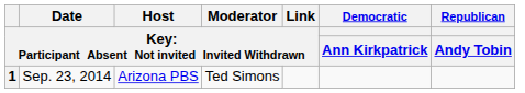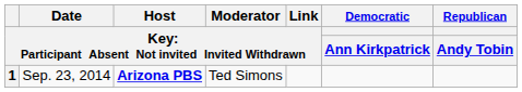 <table class="wikitable" style="text-align:center;">
 <tr>
 <th scope="col"></th>
 <th scope="col">Date</th>
 <th scope="col">Host</th>
 <th scope="col">Moderator</th>
 <th scope="col">Link</th>
 <th scope="col"><small><a href='#'>Democratic</a></small></th>
 <th scope="col"><small><a href='#'>Republican</a></small></th>
 </tr>
 <tr>
 <th colspan="5" rowspan="2">Key:<br> <small>Participant </small>  <small>Absent </small>  <small>Not invited </small>  <small>Invited  Withdrawn</small></th>
 <th scope="col" style="background:"></th>
 <th scope="col" style="background:"></th>
 </tr>
 <tr>
 <th scope="col"><a href='#'>Ann Kirkpatrick</a></th>
 <th scope="col"><a href='#'>Andy Tobin</a></th>
 </tr>
 <tr>
 <th>1</th>
 <td style="white-space:nowrap;">Sep. 23, 2014</td>
-<td style="white-space:nowrap;"><a href='#'>Arizona PBS</a></td>
+<td style="white-space:nowrap;"><strong><a href='#'>Arizona PBS</a></strong></td>
 <td style="white-space:nowrap;">Ted Simons</td>
 <td style="white-space:nowrap;"></td>
 <td></td>
 <td></td>
 </tr>
 </table>
